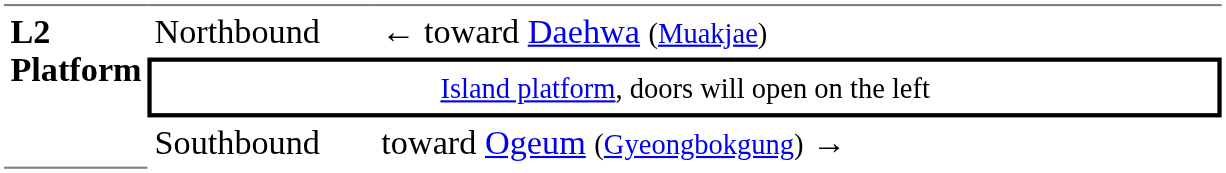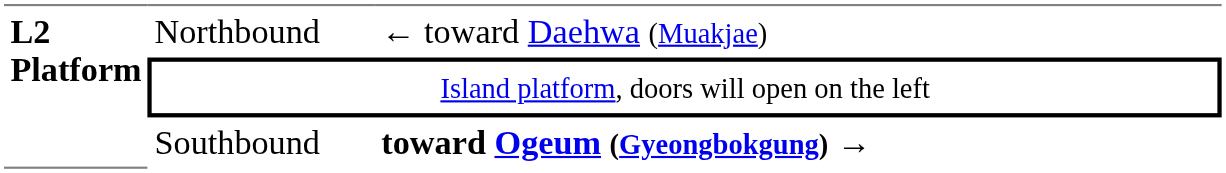 <table table border=0 cellspacing=0 cellpadding=3>
 <tr>
 <td style="border-top:solid 1px gray;border-bottom:solid 1px gray;" width=50 rowspan=10 valign=top><strong>L2<br>Platform</strong></td>
 <td style="border-bottom:solid 0px gray;border-top:solid 1px gray;" width=100>Northbound</td>
 <td style="border-bottom:solid 0px gray;border-top:solid 1px gray;" width=390>←  toward <a href='#'>Daehwa</a> <small>(<a href='#'>Muakjae</a>)</small></td>
 </tr>
 <tr>
 <td style="border-top:solid 2px black;border-right:solid 2px black;border-left:solid 2px black;border-bottom:solid 2px black;text-align:center;" colspan=2><small><a href='#'>Island platform</a>, doors will open on the left</small></td>
 </tr>
 <tr>
 <td>Southbound</td>
-<td>  toward <a href='#'>Ogeum</a> <small>(<a href='#'>Gyeongbokgung</a>)</small> →</td>
+<td><strong>  toward <a href='#'>Ogeum</a> <small>(<a href='#'>Gyeongbokgung</a>)</small> →</strong></td>
 </tr>
 </table>
